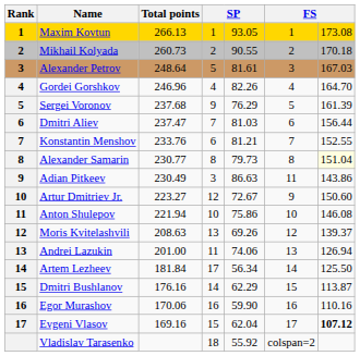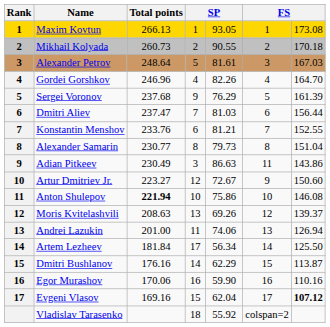 <table class="wikitable sortable">
 <tr>
 <th>Rank</th>
 <th>Name</th>
 <th>Total points</th>
 <th colspan="2" width="80px"><a href='#'>SP</a></th>
 <th colspan="2" width="80px"><a href='#'>FS</a></th>
 </tr>
 <tr bgcolor="gold">
 <td align="center"><strong>1</strong></td>
 <td><a href='#'>Maxim Kovtun</a></td>
 <td align="center">266.13</td>
 <td align="center">1</td>
 <td align="center">93.05</td>
 <td align="center">1</td>
 <td align="center">173.08</td>
 </tr>
 <tr bgcolor="silver">
 <td align="center"><strong>2</strong></td>
 <td><a href='#'>Mikhail Kolyada</a></td>
 <td align="center">260.73</td>
 <td align="center">2</td>
 <td align="center">90.55</td>
 <td align="center">2</td>
 <td align="center">170.18</td>
 </tr>
 <tr bgcolor="cc9966">
 <td align="center"><strong>3</strong></td>
 <td><a href='#'>Alexander Petrov</a></td>
 <td align="center">248.64</td>
 <td align="center">5</td>
 <td align="center">81.61</td>
 <td align="center">3</td>
 <td align="center">167.03</td>
 </tr>
 <tr>
 <th>4</th>
 <td><a href='#'>Gordei Gorshkov</a></td>
 <td align="center">246.96</td>
 <td align="center">4</td>
 <td align="center">82.26</td>
 <td align="center">4</td>
 <td align="center">164.70</td>
 </tr>
 <tr>
 <th>5</th>
 <td><a href='#'>Sergei Voronov</a></td>
 <td align="center">237.68</td>
 <td align="center">9</td>
 <td align="center">76.29</td>
 <td align="center">5</td>
 <td align="center">161.39</td>
 </tr>
 <tr>
 <th>6</th>
 <td><a href='#'>Dmitri Aliev</a></td>
 <td align="center">237.47</td>
 <td align="center">7</td>
 <td align="center">81.03</td>
 <td align="center">6</td>
 <td align="center">156.44</td>
 </tr>
 <tr>
 <th>7</th>
 <td><a href='#'>Konstantin Menshov</a></td>
 <td align="center">233.76</td>
 <td align="center">6</td>
 <td align="center">81.21</td>
 <td align="center">7</td>
 <td align="center">152.55</td>
 </tr>
 <tr>
 <th>8</th>
 <td><a href='#'>Alexander Samarin</a></td>
 <td align="center">230.77</td>
 <td align="center">8</td>
 <td align="center">79.73</td>
 <td align="center">8</td>
-<td align="center" style="background: lightyellow;">151.04</td>
+<td align="center">151.04</td>
 </tr>
 <tr>
 <th>9</th>
 <td><a href='#'>Adian Pitkeev</a></td>
 <td align="center">230.49</td>
 <td align="center">3</td>
 <td align="center">86.63</td>
 <td align="center">11</td>
 <td align="center">143.86</td>
 </tr>
 <tr>
 <th>10</th>
 <td><a href='#'>Artur Dmitriev Jr.</a></td>
 <td align="center">223.27</td>
 <td align="center">12</td>
 <td align="center">72.67</td>
 <td align="center">9</td>
 <td align="center">150.60</td>
 </tr>
 <tr>
 <th>11</th>
 <td><a href='#'>Anton Shulepov</a></td>
-<td align="center">221.94</td>
+<td align="center"><strong>221.94</strong></td>
 <td align="center">10</td>
 <td align="center">75.86</td>
 <td align="center">10</td>
 <td align="center">146.08</td>
 </tr>
 <tr>
 <th>12</th>
 <td><a href='#'>Moris Kvitelashvili</a></td>
 <td align="center">208.63</td>
 <td align="center">13</td>
 <td align="center">69.26</td>
 <td align="center">12</td>
 <td align="center">139.37</td>
 </tr>
 <tr>
 <th>13</th>
 <td><a href='#'>Andrei Lazukin</a></td>
 <td align="center">201.00</td>
 <td align="center">11</td>
 <td align="center">74.06</td>
 <td align="center">13</td>
 <td align="center">126.94</td>
 </tr>
 <tr>
 <th>14</th>
 <td><a href='#'>Artem Lezheev</a></td>
 <td align="center">181.84</td>
 <td align="center">17</td>
 <td align="center">56.34</td>
 <td align="center">14</td>
 <td align="center">125.50</td>
 </tr>
 <tr>
 <th>15</th>
 <td><a href='#'>Dmitri Bushlanov</a></td>
 <td align="center">176.16</td>
 <td align="center">14</td>
 <td align="center">62.29</td>
 <td align="center">15</td>
 <td align="center">113.87</td>
 </tr>
 <tr>
 <th>16</th>
 <td><a href='#'>Egor Murashov</a></td>
 <td align="center">170.06</td>
 <td align="center">16</td>
 <td align="center">59.90</td>
 <td align="center">16</td>
 <td align="center">110.16</td>
 </tr>
 <tr>
 <th>17</th>
 <td><a href='#'>Evgeni Vlasov</a></td>
 <td align="center">169.16</td>
 <td align="center">15</td>
 <td align="center">62.04</td>
 <td align="center">17</td>
 <td align="center"><strong>107.12</strong></td>
 </tr>
 <tr>
 <th></th>
 <td><a href='#'>Vladislav Tarasenko</a></td>
 <td></td>
 <td align="center">18</td>
 <td align="center">55.92</td>
 <td>colspan=2 </td>
 </tr>
 </table>
